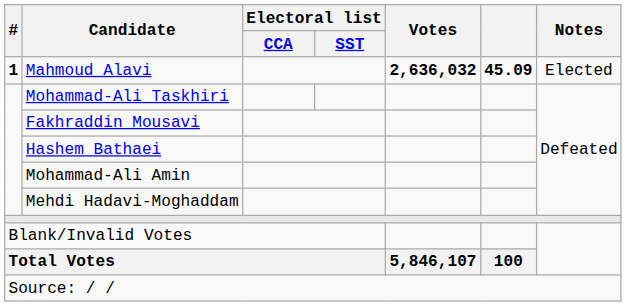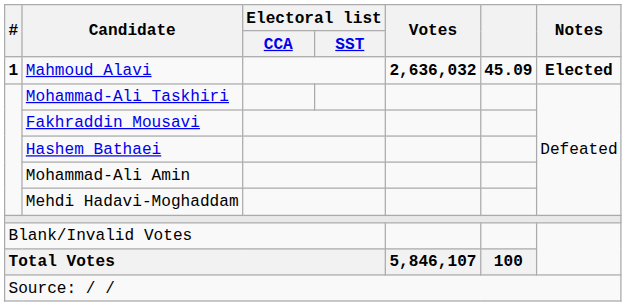 <table class=wikitable style=text-align:left>
 <tr>
 <th rowspan="2">#</th>
 <th rowspan="2">Candidate</th>
 <th colspan="2">Electoral list</th>
 <th rowspan="2">Votes</th>
 <th rowspan="2"></th>
 <th rowspan="2">Notes</th>
 </tr>
 <tr>
 <th><a href='#'>CCA</a></th>
 <th><a href='#'>SST</a></th>
 </tr>
 <tr>
 <td><strong>1</strong></td>
 <td><a href='#'>Mahmoud Alavi</a></td>
 <td colspan=2></td>
 <td><strong>2,636,032</strong></td>
 <td><strong>45.09</strong></td>
-<td style="text-align:center;">Elected</td>
+<td style="text-align:center;"><strong>Elected</strong></td>
 </tr>
 <tr>
 <td rowspan="5"></td>
 <td><a href='#'>Mohammad-Ali Taskhiri</a></td>
 <td style="text-align:center;"></td>
 <td style="text-align:center;"></td>
 <td></td>
 <td></td>
 <td style="text-align:center;" rowspan="5">Defeated</td>
 </tr>
 <tr>
 <td><a href='#'>Fakhraddin Mousavi</a></td>
 <td colspan=2></td>
 <td></td>
 <td></td>
 </tr>
 <tr>
 <td><a href='#'>Hashem Bathaei</a></td>
 <td colspan=2></td>
 <td></td>
 <td></td>
 </tr>
 <tr>
 <td>Mohammad-Ali Amin</td>
 <td colspan=2></td>
 <td></td>
 <td></td>
 </tr>
 <tr>
 <td>Mehdi Hadavi-Moghaddam</td>
 <td colspan=2></td>
 <td></td>
 <td></td>
 </tr>
 <tr>
 <td colspan="10" style="background:#E9E9E9;"></td>
 </tr>
 <tr>
 <td colspan="4">Blank/Invalid Votes</td>
 <td></td>
 <td></td>
 </tr>
 <tr>
 <th style="text-align:left;" colspan="4">Total Votes</th>
 <th>5,846,107</th>
 <th>100</th>
 </tr>
 <tr>
 <td colspan="9" style="text-align:left;">Source:  /  / </td>
 </tr>
 </table>
